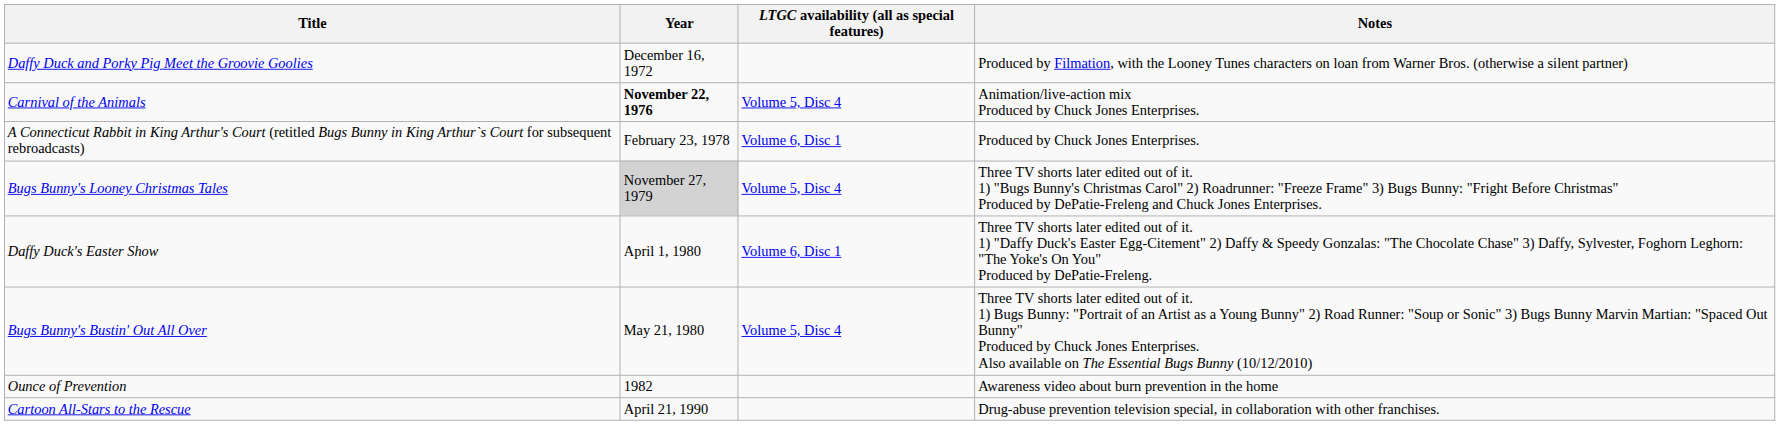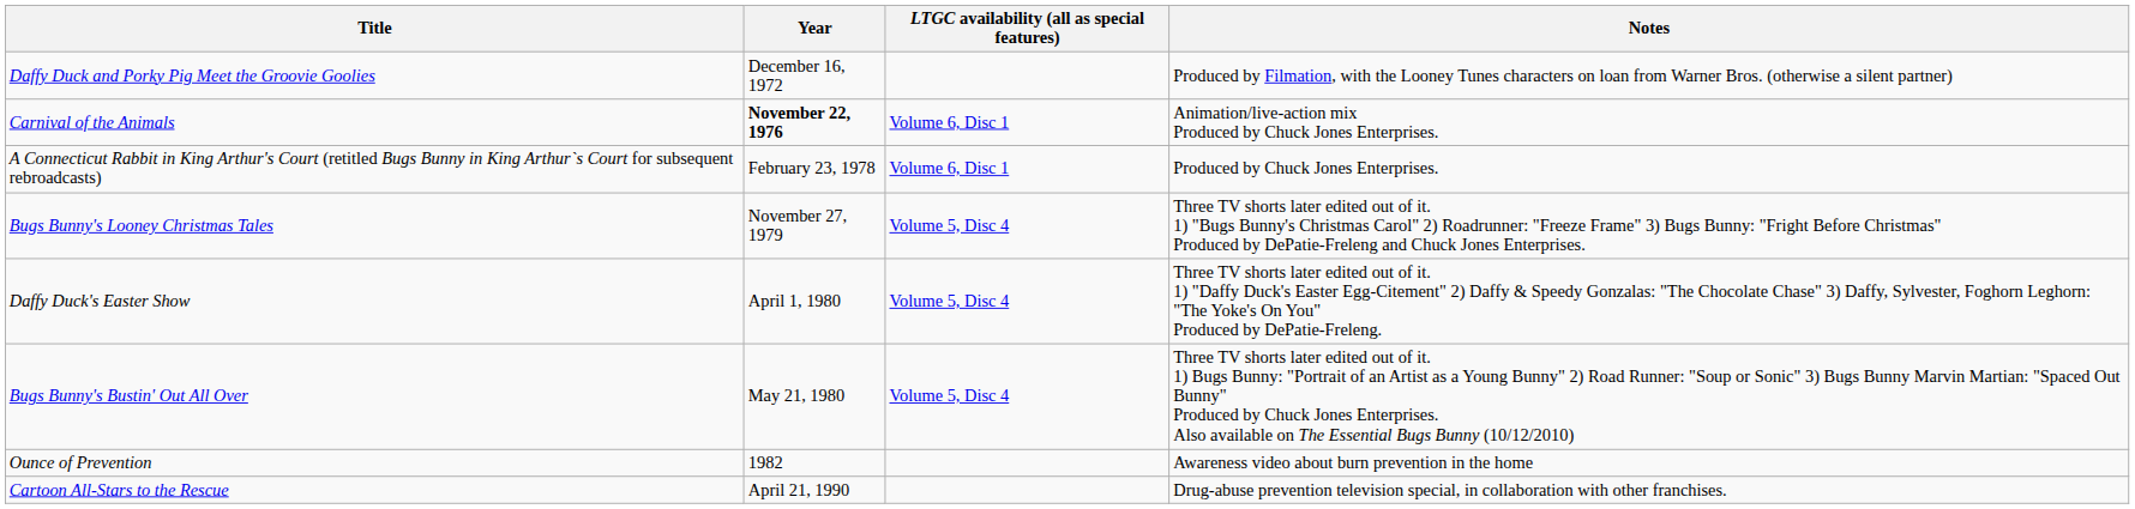 <table class="wikitable sortable">
 <tr>
 <th>Title</th>
 <th>Year</th>
 <th><em><abbr>LTGC</abbr></em> availability (all as special features)</th>
 <th>Notes</th>
 </tr>
 <tr>
 <td><em><a href='#'>Daffy Duck and Porky Pig Meet the Groovie Goolies</a></em></td>
 <td>December 16, 1972</td>
 <td></td>
 <td>Produced by <a href='#'>Filmation</a>, with the Looney Tunes characters on loan from Warner Bros. (otherwise a silent partner)</td>
 </tr>
 <tr>
 <td><em><a href='#'>Carnival of the Animals</a></em></td>
 <td><strong>November 22, 1976</strong></td>
-<td><a href='#'>Volume 5, Disc 4</a></td>
+<td><a href='#'>Volume 6, Disc 1</a></td>
 <td>Animation/live-action mix<br>Produced by Chuck Jones Enterprises.</td>
 </tr>
 <tr>
 <td><em>A Connecticut Rabbit in King Arthur's Court</em> (retitled <em>Bugs Bunny in King Arthur`s Court</em> for subsequent rebroadcasts)</td>
 <td>February 23, 1978</td>
 <td><a href='#'>Volume 6, Disc 1</a></td>
 <td>Produced by Chuck Jones Enterprises.</td>
 </tr>
 <tr>
 <td><em><a href='#'>Bugs Bunny's Looney Christmas Tales</a></em></td>
-<td style="background: lightgrey;">November 27, 1979</td>
+<td>November 27, 1979</td>
 <td><a href='#'>Volume 5, Disc 4</a></td>
 <td>Three TV shorts later edited out of it.<br>1) "Bugs Bunny's Christmas Carol" 2) Roadrunner: "Freeze Frame" 3) Bugs Bunny: "Fright Before Christmas"<br>Produced by DePatie-Freleng and Chuck Jones Enterprises.</td>
 </tr>
 <tr>
 <td><em>Daffy Duck's Easter Show</em></td>
 <td>April 1, 1980</td>
-<td><a href='#'>Volume 6, Disc 1</a></td>
+<td><a href='#'>Volume 5, Disc 4</a></td>
 <td>Three TV shorts later edited out of it.<br>1) "Daffy Duck's Easter Egg-Citement" 2) Daffy & Speedy Gonzalas: "The Chocolate Chase" 3) Daffy, Sylvester, Foghorn Leghorn: "The Yoke's On You"<br>Produced by DePatie-Freleng.</td>
 </tr>
 <tr>
 <td><em><a href='#'>Bugs Bunny's Bustin' Out All Over</a></em></td>
 <td>May 21, 1980</td>
 <td><a href='#'>Volume 5, Disc 4</a></td>
 <td>Three TV shorts later edited out of it.<br>1) Bugs Bunny: "Portrait of an Artist as a Young Bunny" 2) Road Runner: "Soup or Sonic" 3) Bugs Bunny Marvin Martian: "Spaced Out Bunny"<br>Produced by Chuck Jones Enterprises.<br>Also available on <em>The Essential Bugs Bunny</em> (10/12/2010)</td>
 </tr>
 <tr>
 <td><em>Ounce of Prevention</em></td>
 <td>1982</td>
 <td></td>
 <td>Awareness video about burn prevention in the home</td>
 </tr>
 <tr>
 <td><em><a href='#'>Cartoon All-Stars to the Rescue</a></em></td>
 <td>April 21, 1990</td>
 <td></td>
 <td>Drug-abuse prevention television special, in collaboration with other franchises.</td>
 </tr>
 </table>
